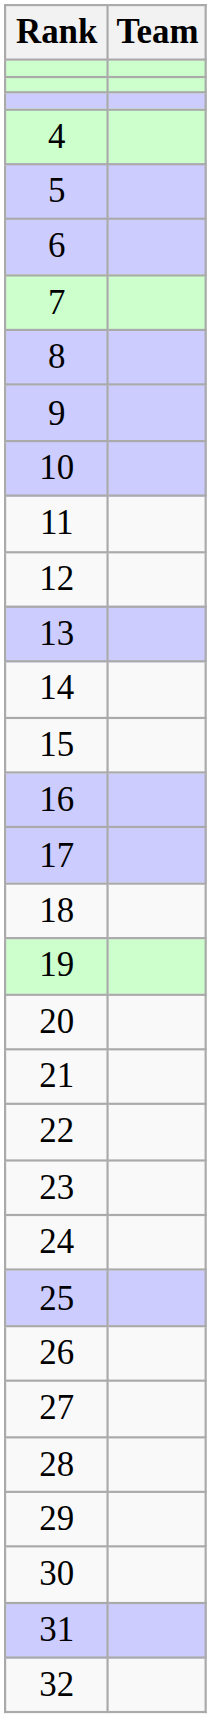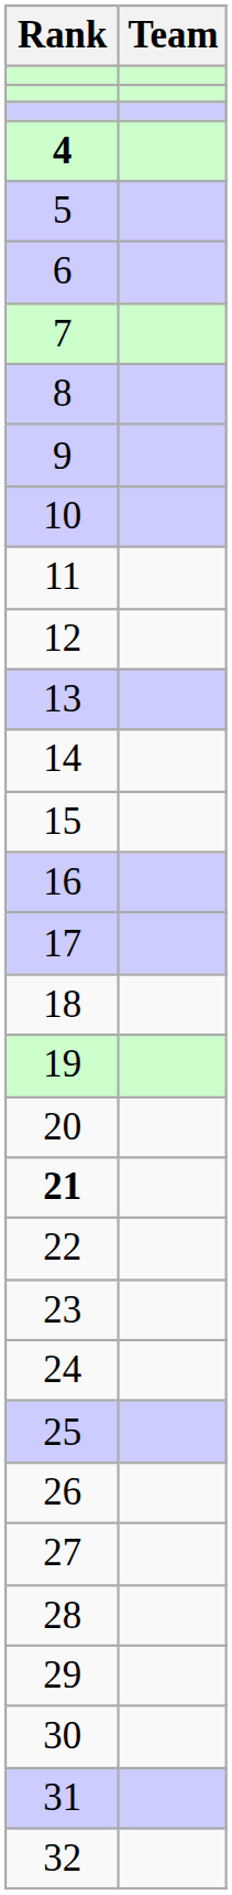 <table class="wikitable">
 <tr>
 <th style="width: 40px;">Rank</th>
 <th>Team</th>
 </tr>
 <tr style="background: #CCFFCC;">
 <td style="text-align: center;"></td>
 <td></td>
 </tr>
 <tr style="background: #CCFFCC;">
 <td style="text-align: center;"></td>
 <td></td>
 </tr>
 <tr style="background: #CCCCFF;">
 <td style="text-align: center;"></td>
 <td></td>
 </tr>
 <tr style="background: #CCFFCC;">
-<td style="text-align: center;">4</td>
+<td style="text-align: center;"><strong>4</strong></td>
 <td></td>
 </tr>
 <tr style="background: #CCCCFF;">
 <td style="text-align: center;">5</td>
 <td></td>
 </tr>
 <tr style="background: #CCCCFF;">
 <td style="text-align: center;">6</td>
 <td></td>
 </tr>
 <tr style="background: #CCFFCC;">
 <td style="text-align: center;">7</td>
 <td></td>
 </tr>
 <tr style="background: #CCCCFF;">
 <td style="text-align: center;">8</td>
 <td></td>
 </tr>
 <tr style="background: #CCCCFF;">
 <td style="text-align: center;">9</td>
 <td></td>
 </tr>
 <tr style="background: #CCCCFF;">
 <td style="text-align: center;">10</td>
 <td></td>
 </tr>
 <tr>
 <td style="text-align: center;">11</td>
 <td></td>
 </tr>
 <tr>
 <td style="text-align: center;">12</td>
 <td></td>
 </tr>
 <tr style="background: #CCCCFF;">
 <td style="text-align: center;">13</td>
 <td></td>
 </tr>
 <tr>
 <td style="text-align: center;">14</td>
 <td></td>
 </tr>
 <tr>
 <td style="text-align: center;">15</td>
 <td></td>
 </tr>
 <tr style="background: #CCCCFF;">
 <td style="text-align: center;">16</td>
 <td></td>
 </tr>
 <tr style="background: #CCCCFF;">
 <td style="text-align: center;">17</td>
 <td></td>
 </tr>
 <tr>
 <td style="text-align: center;">18</td>
 <td></td>
 </tr>
 <tr style="background: #CCFFCC;">
 <td style="text-align: center;">19</td>
 <td></td>
 </tr>
 <tr>
 <td style="text-align: center;">20</td>
 <td></td>
 </tr>
 <tr>
-<td style="text-align: center;">21</td>
+<td style="text-align: center;"><strong>21</strong></td>
 <td></td>
 </tr>
 <tr>
 <td style="text-align: center;">22</td>
 <td></td>
 </tr>
 <tr>
 <td style="text-align: center;">23</td>
 <td></td>
 </tr>
 <tr>
 <td style="text-align: center;">24</td>
 <td></td>
 </tr>
 <tr style="background: #CCCCFF;">
 <td style="text-align: center;">25</td>
 <td></td>
 </tr>
 <tr>
 <td style="text-align: center;">26</td>
 <td></td>
 </tr>
 <tr>
 <td style="text-align: center;">27</td>
 <td></td>
 </tr>
 <tr>
 <td style="text-align: center;">28</td>
 <td></td>
 </tr>
 <tr>
 <td style="text-align: center;">29</td>
 <td></td>
 </tr>
 <tr>
 <td style="text-align: center;">30</td>
 <td></td>
 </tr>
 <tr style="background: #CCCCFF;">
 <td style="text-align: center;">31</td>
 <td></td>
 </tr>
 <tr>
 <td style="text-align: center;">32</td>
 <td></td>
 </tr>
 </table>
